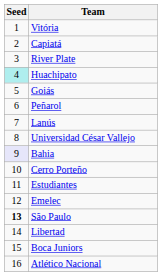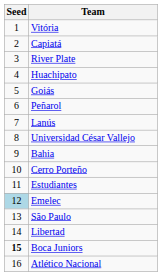 <table class="wikitable">
 <tr>
 <th>Seed</th>
 <th width=200>Team</th>
 </tr>
 <tr>
 <td align=center>1</td>
 <td> <a href='#'>Vitória</a></td>
 </tr>
 <tr>
 <td align=center>2</td>
 <td> <a href='#'>Capiatá</a></td>
 </tr>
 <tr>
 <td align=center>3</td>
 <td> <a href='#'>River Plate</a></td>
 </tr>
 <tr>
-<td align=center style="background: paleturquoise;">4</td>
+<td align=center>4</td>
 <td> <a href='#'>Huachipato</a></td>
 </tr>
 <tr>
 <td align=center>5</td>
 <td> <a href='#'>Goiás</a></td>
 </tr>
 <tr>
 <td align=center>6</td>
 <td> <a href='#'>Peñarol</a></td>
 </tr>
 <tr>
 <td align=center>7</td>
 <td> <a href='#'>Lanús</a></td>
 </tr>
 <tr>
 <td align=center>8</td>
 <td> <a href='#'>Universidad César Vallejo</a></td>
 </tr>
 <tr>
-<td align=center style="background: lavender;">9</td>
+<td align=center>9</td>
 <td> <a href='#'>Bahia</a></td>
 </tr>
 <tr>
 <td align=center>10</td>
 <td> <a href='#'>Cerro Porteño</a></td>
 </tr>
 <tr>
 <td align=center>11</td>
 <td> <a href='#'>Estudiantes</a></td>
 </tr>
 <tr>
-<td align=center>12</td>
+<td align=center style="background: lightblue;">12</td>
 <td> <a href='#'>Emelec</a></td>
 </tr>
 <tr>
-<td align=center><strong>13</strong></td>
+<td align=center>13</td>
 <td> <a href='#'>São Paulo</a></td>
 </tr>
 <tr>
 <td align=center>14</td>
 <td> <a href='#'>Libertad</a></td>
 </tr>
 <tr>
-<td align=center>15</td>
+<td align=center><strong>15</strong></td>
 <td> <a href='#'>Boca Juniors</a></td>
 </tr>
 <tr>
 <td align=center>16</td>
 <td> <a href='#'>Atlético Nacional</a></td>
 </tr>
 </table>
